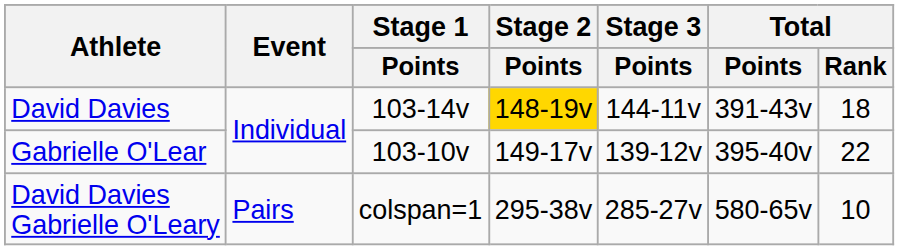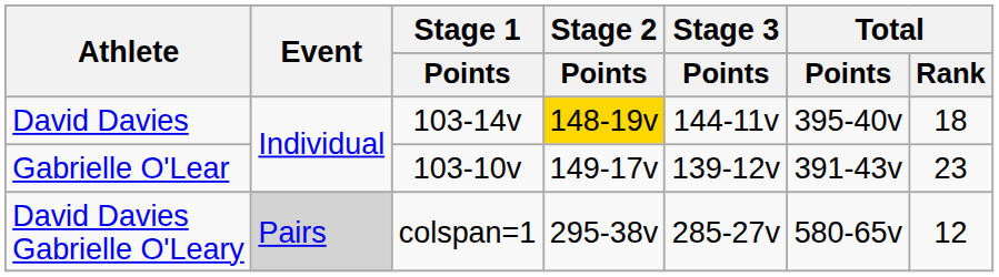 <table class="wikitable" style="font-size:90%;">
 <tr>
 <th rowspan=2>Athlete</th>
 <th rowspan=2>Event</th>
 <th colspan=1>Stage 1</th>
 <th colspan=1>Stage 2</th>
 <th colspan=1>Stage 3</th>
 <th colspan=2>Total</th>
 </tr>
 <tr style="font-size:95%">
 <th>Points</th>
 <th>Points</th>
 <th>Points</th>
 <th>Points</th>
 <th>Rank</th>
 </tr>
 <tr align=center>
 <td align=left><a href='#'>David Davies</a></td>
 <td align=left rowspan=2><a href='#'>Individual</a></td>
 <td>103-14v</td>
 <td style="background: gold;">148-19v</td>
 <td>144-11v</td>
-<td>391-43v</td>
+<td>395-40v</td>
 <td>18</td>
 </tr>
 <tr align=center>
 <td align=left><a href='#'>Gabrielle O'Lear</a></td>
 <td>103-10v</td>
 <td>149-17v</td>
 <td>139-12v</td>
-<td>395-40v</td>
-<td>22</td>
+<td>391-43v</td>
+<td>23</td>
 </tr>
 <tr align=center>
 <td align=left><a href='#'>David Davies</a><br><a href='#'>Gabrielle O'Leary</a></td>
-<td align=left><a href='#'>Pairs</a></td>
+<td align=left style="background: lightgrey;"><a href='#'>Pairs</a></td>
 <td>colspan=1 </td>
 <td>295-38v</td>
 <td>285-27v</td>
 <td>580-65v</td>
-<td>10</td>
+<td>12</td>
 </tr>
 </table>
